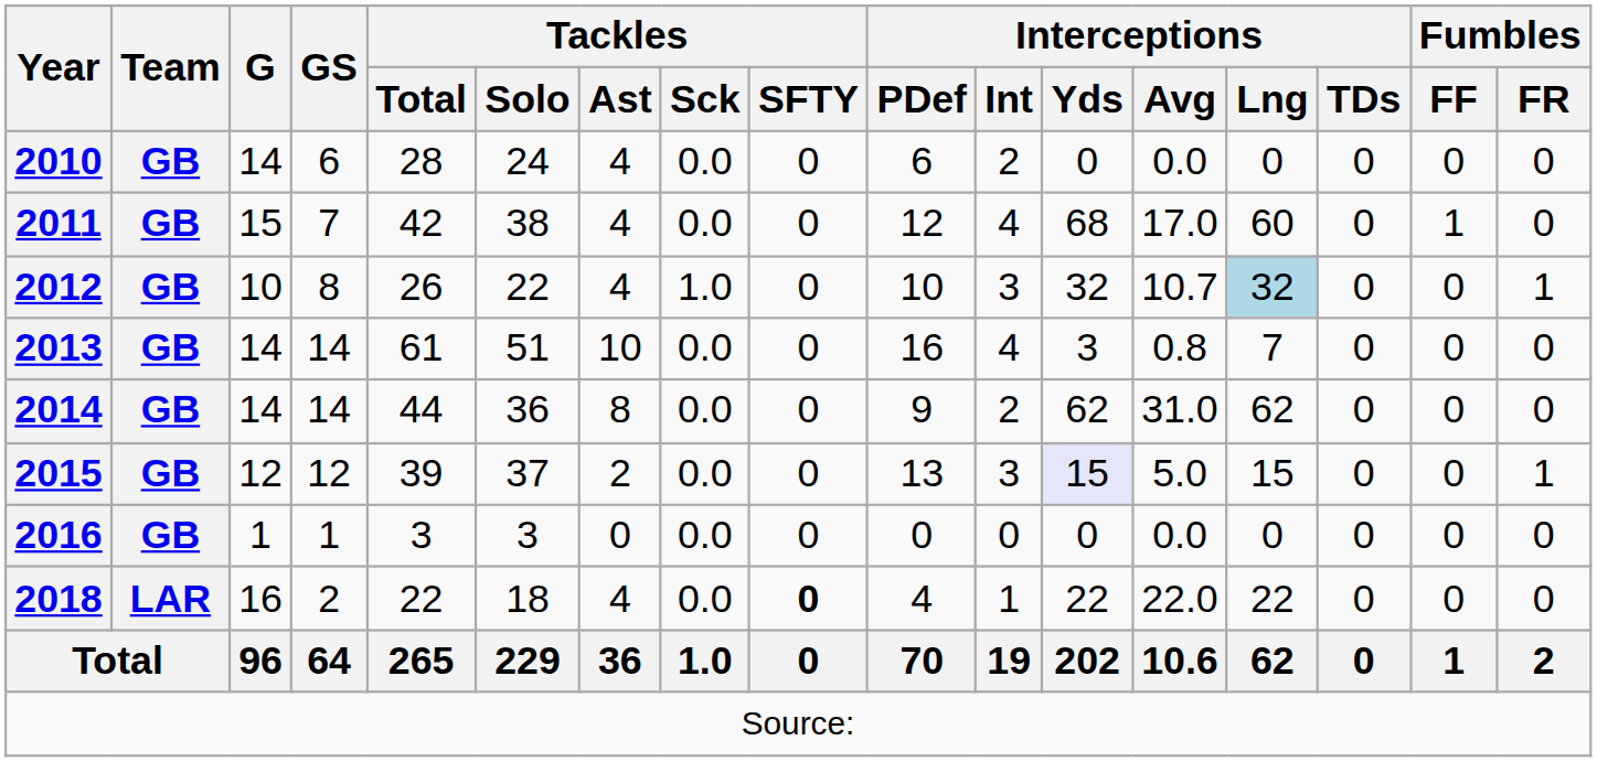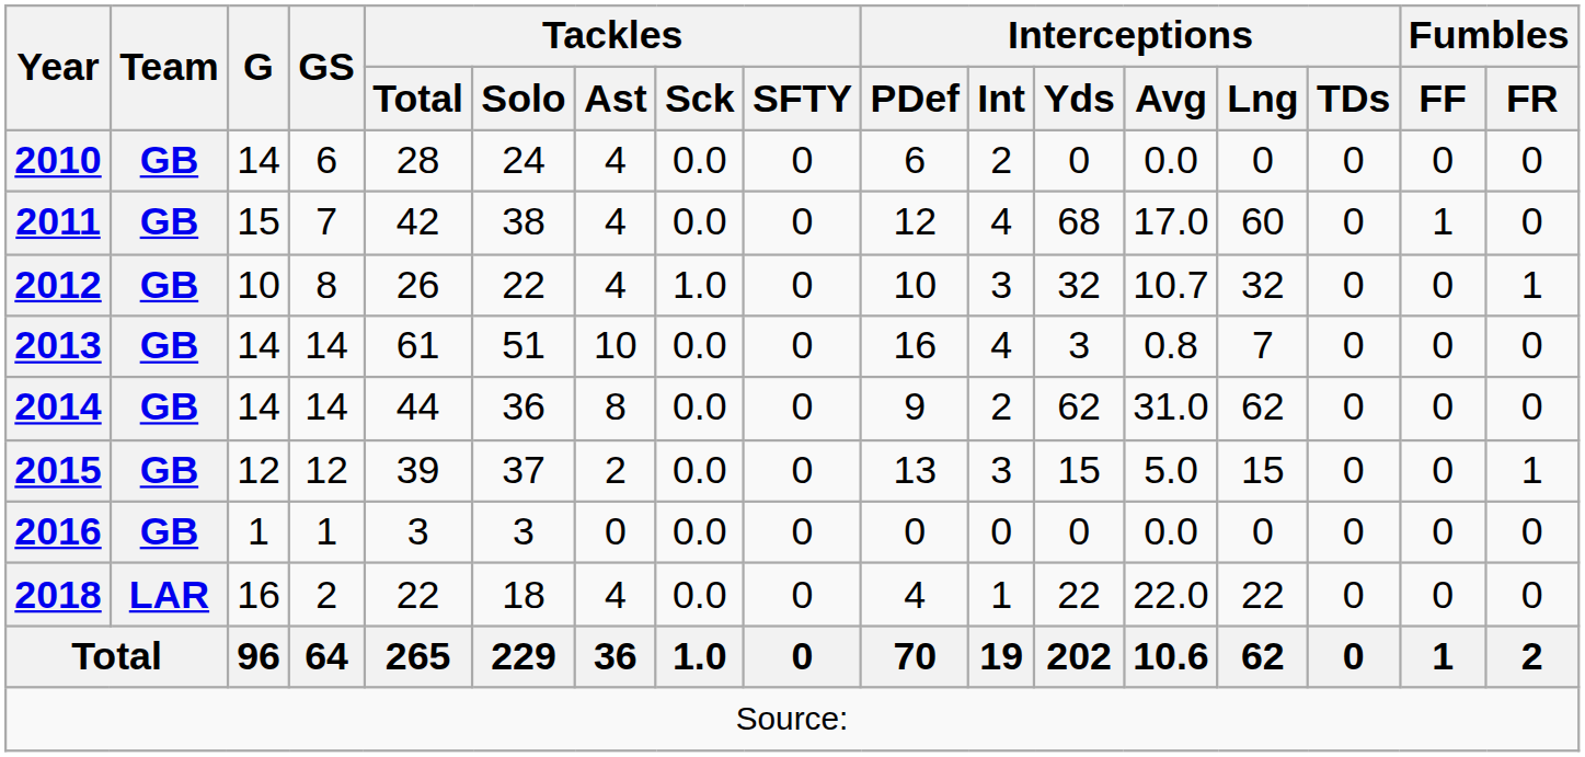 <table class="wikitable" style="text-align: center;">
 <tr>
 <th rowspan=2>Year</th>
 <th rowspan=2>Team</th>
 <th rowspan=2>G</th>
 <th rowspan=2>GS</th>
 <th colspan=5>Tackles</th>
 <th colspan=6>Interceptions</th>
 <th colspan=2>Fumbles</th>
 </tr>
 <tr>
 <th>Total</th>
 <th>Solo</th>
 <th>Ast</th>
 <th>Sck</th>
 <th>SFTY</th>
 <th>PDef</th>
 <th>Int</th>
 <th>Yds</th>
 <th>Avg</th>
 <th>Lng</th>
 <th>TDs</th>
 <th>FF</th>
 <th>FR</th>
 </tr>
 <tr>
 <th><a href='#'>2010</a></th>
 <th><a href='#'>GB</a></th>
 <td>14</td>
 <td>6</td>
 <td>28</td>
 <td>24</td>
 <td>4</td>
 <td>0.0</td>
 <td>0</td>
 <td>6</td>
 <td>2</td>
 <td>0</td>
 <td>0.0</td>
 <td>0</td>
 <td>0</td>
 <td>0</td>
 <td>0</td>
 </tr>
 <tr>
 <th><a href='#'>2011</a></th>
 <th><a href='#'>GB</a></th>
 <td>15</td>
 <td>7</td>
 <td>42</td>
 <td>38</td>
 <td>4</td>
 <td>0.0</td>
 <td>0</td>
 <td>12</td>
 <td>4</td>
 <td>68</td>
 <td>17.0</td>
 <td>60</td>
 <td>0</td>
 <td>1</td>
 <td>0</td>
 </tr>
 <tr>
 <th><a href='#'>2012</a></th>
 <th><a href='#'>GB</a></th>
 <td>10</td>
 <td>8</td>
 <td>26</td>
 <td>22</td>
 <td>4</td>
 <td>1.0</td>
 <td>0</td>
 <td>10</td>
 <td>3</td>
 <td>32</td>
 <td>10.7</td>
-<td style="background: lightblue;">32</td>
+<td>32</td>
 <td>0</td>
 <td>0</td>
 <td>1</td>
 </tr>
 <tr>
 <th><a href='#'>2013</a></th>
 <th><a href='#'>GB</a></th>
 <td>14</td>
 <td>14</td>
 <td>61</td>
 <td>51</td>
 <td>10</td>
 <td>0.0</td>
 <td>0</td>
 <td>16</td>
 <td>4</td>
 <td>3</td>
 <td>0.8</td>
 <td>7</td>
 <td>0</td>
 <td>0</td>
 <td>0</td>
 </tr>
 <tr>
 <th><a href='#'>2014</a></th>
 <th><a href='#'>GB</a></th>
 <td>14</td>
 <td>14</td>
 <td>44</td>
 <td>36</td>
 <td>8</td>
 <td>0.0</td>
 <td>0</td>
 <td>9</td>
 <td>2</td>
 <td>62</td>
 <td>31.0</td>
 <td>62</td>
 <td>0</td>
 <td>0</td>
 <td>0</td>
 </tr>
 <tr>
 <th><a href='#'>2015</a></th>
 <th><a href='#'>GB</a></th>
 <td>12</td>
 <td>12</td>
 <td>39</td>
 <td>37</td>
 <td>2</td>
 <td>0.0</td>
 <td>0</td>
 <td>13</td>
 <td>3</td>
-<td style="background: lavender;">15</td>
+<td>15</td>
 <td>5.0</td>
 <td>15</td>
 <td>0</td>
 <td>0</td>
 <td>1</td>
 </tr>
 <tr>
 <th><a href='#'>2016</a></th>
 <th><a href='#'>GB</a></th>
 <td>1</td>
 <td>1</td>
 <td>3</td>
 <td>3</td>
 <td>0</td>
 <td>0.0</td>
 <td>0</td>
 <td>0</td>
 <td>0</td>
 <td>0</td>
 <td>0.0</td>
 <td>0</td>
 <td>0</td>
 <td>0</td>
 <td>0</td>
 </tr>
 <tr>
 <th><a href='#'>2018</a></th>
 <th><a href='#'>LAR</a></th>
 <td>16</td>
 <td>2</td>
 <td>22</td>
 <td>18</td>
 <td>4</td>
 <td>0.0</td>
-<td><strong>0</strong></td>
+<td>0</td>
 <td>4</td>
 <td>1</td>
 <td>22</td>
 <td>22.0</td>
 <td>22</td>
 <td>0</td>
 <td>0</td>
 <td>0</td>
 </tr>
 <tr>
 <th colspan=2>Total</th>
 <th>96</th>
 <th>64</th>
 <th>265</th>
 <th>229</th>
 <th>36</th>
 <th>1.0</th>
 <th>0</th>
 <th>70</th>
 <th>19</th>
 <th>202</th>
 <th>10.6</th>
 <th>62</th>
 <th>0</th>
 <th>1</th>
 <th>2</th>
 </tr>
 <tr>
 <td colspan="17"><small>Source: </small></td>
 </tr>
 </table>
